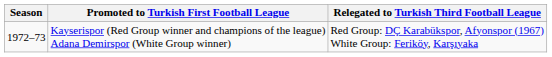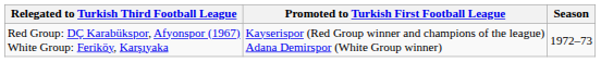 <table class="wikitable">
 <tr>
+<th>Relegated to <a href='#'>Turkish Third Football League</a></th>
+<th>Promoted to <a href='#'>Turkish First Football League</a></th>
 <th>Season</th>
-<th>Promoted to <a href='#'>Turkish First Football League</a></th>
-<th>Relegated to <a href='#'>Turkish Third Football League</a></th>
 </tr>
 <tr>
+<td>Red Group: <a href='#'>DÇ Karabükspor</a>, <a href='#'>Afyonspor (1967)</a><br>White Group: <a href='#'>Feriköy</a>, <a href='#'>Karşıyaka</a></td>
+<td><a href='#'>Kayserispor</a> (Red Group winner and champions of the league)<br><a href='#'>Adana Demirspor</a> (White Group winner)</td>
 <td>1972–73</td>
-<td><a href='#'>Kayserispor</a> (Red Group winner and champions of the league)<br><a href='#'>Adana Demirspor</a> (White Group winner)</td>
-<td>Red Group: <a href='#'>DÇ Karabükspor</a>, <a href='#'>Afyonspor (1967)</a><br>White Group: <a href='#'>Feriköy</a>, <a href='#'>Karşıyaka</a></td>
 </tr>
 </table>
